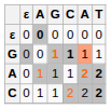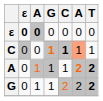 <table class="wikitable" style="text-align:center">
 <tr>
 <th></th>
 <th>ε</th>
 <th>A</th>
 <th>G</th>
 <th>C</th>
 <th>A</th>
 <th>T</th>
 </tr>
 <tr>
 <th>ε</th>
-<td>0</td>
+<td><strong>0</strong></td>
 <td style="background:silver"><strong>0</strong></td>
 <td>0</td>
 <td>0</td>
 <td>0</td>
 <td>0</td>
 </tr>
 <tr>
-<th>G</th>
+<th>C</th>
 <td style="background:silver">0</td>
 <td>0</td>
 <td style="background:silver;color:#FF6600"><strong>1</strong></td>
 <td style="background:silver"><strong>1</strong></td>
 <td style="background: lightsalmon;">1</td>
 <td>1</td>
 </tr>
 <tr>
 <th>A</th>
 <td>0</td>
 <td style="background:silver;color:#FF6600">1</td>
 <td style="background:silver">1</td>
 <td>1</td>
 <td style="background:silver;color:#FF6600"><strong>2</strong></td>
 <td style="background:silver"><strong>2</strong></td>
 </tr>
 <tr>
-<th>C</th>
+<th>G</th>
 <td>0</td>
 <td>1</td>
 <td>1</td>
 <td style="background:silver;color:#FF6600">2</td>
 <td style="background:silver">2</td>
 <td style="background:silver"><strong>2</strong></td>
 </tr>
 <tr>
 </tr>
 </table>
